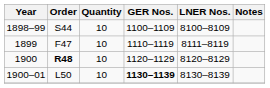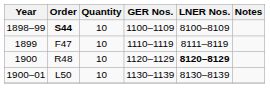 <table class=wikitable style=text-align:center>
 <tr>
 <th>Year</th>
 <th>Order</th>
 <th>Quantity</th>
 <th>GER Nos.</th>
 <th>LNER Nos.</th>
 <th>Notes</th>
 </tr>
 <tr>
 <td>1898–99</td>
-<td>S44</td>
+<td><strong>S44</strong></td>
 <td>10</td>
 <td>1100–1109</td>
 <td>8100–8109</td>
 <td></td>
 </tr>
 <tr>
 <td>1899</td>
 <td>F47</td>
 <td>10</td>
 <td>1110–1119</td>
 <td>8111–8119</td>
 <td></td>
 </tr>
 <tr>
 <td>1900</td>
-<td><strong>R48</strong></td>
+<td>R48</td>
 <td>10</td>
 <td>1120–1129</td>
-<td>8120–8129</td>
+<td><strong>8120–8129</strong></td>
 <td></td>
 </tr>
 <tr>
 <td>1900–01</td>
 <td>L50</td>
 <td>10</td>
-<td><strong>1130–1139</strong></td>
+<td>1130–1139</td>
 <td>8130–8139</td>
 <td></td>
 </tr>
 <tr>
 </tr>
 </table>
